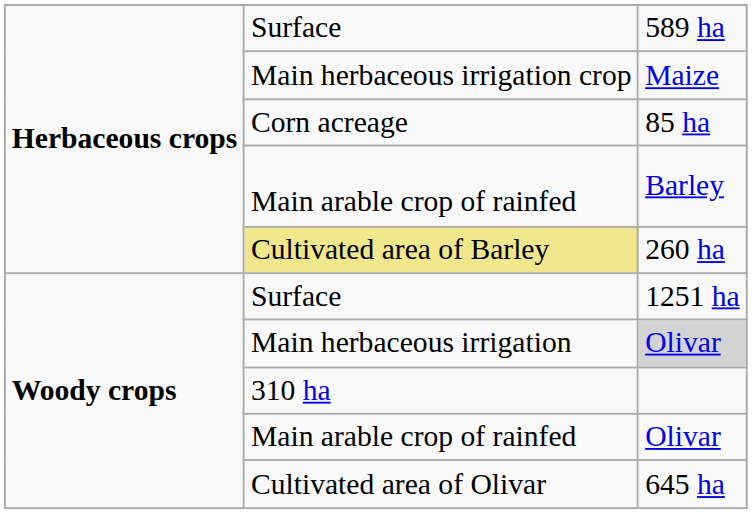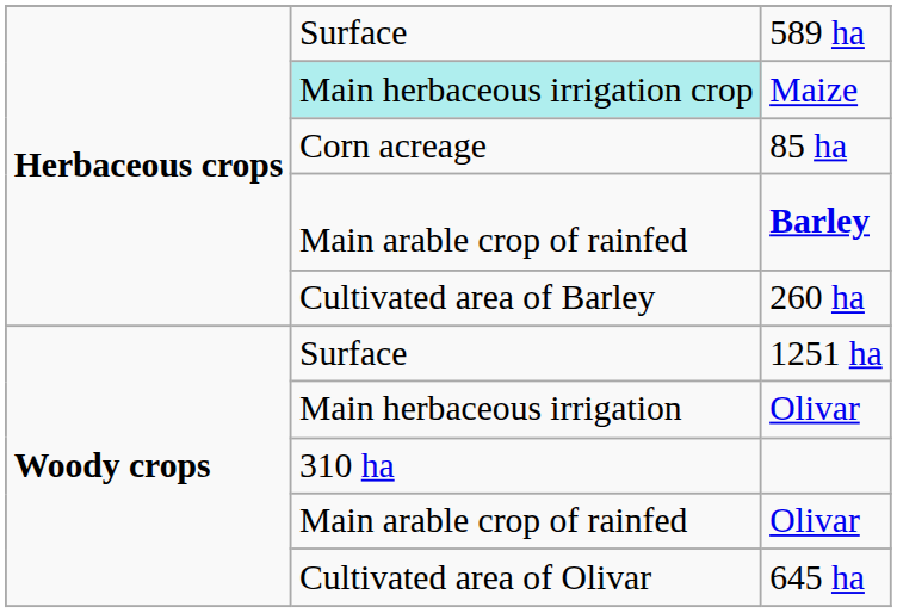 <table class="sortable wikitable" style="text-align:left" align=center>
 <tr>
 </tr>
 <tr>
 <td rowspan=5><strong>Herbaceous crops</strong></td>
 <td>Surface</td>
 <td>589 <a href='#'>ha</a></td>
 </tr>
 <tr>
-<td>Main herbaceous irrigation crop</td>
+<td style="background: paleturquoise;">Main herbaceous irrigation crop</td>
 <td><a href='#'>Maize</a></td>
 </tr>
 <tr>
 <td>Corn acreage</td>
 <td>85 <a href='#'>ha</a></td>
 </tr>
 <tr>
 <td><br>Main arable crop of rainfed</td>
-<td><a href='#'>Barley</a></td>
+<td><strong><a href='#'>Barley</a></strong></td>
 </tr>
 <tr>
-<td style="background: khaki;">Cultivated area of Barley</td>
+<td>Cultivated area of Barley</td>
 <td>260 <a href='#'>ha</a></td>
 </tr>
 <tr>
 <td rowspan=5><strong>Woody crops</strong></td>
 <td>Surface</td>
 <td>1251 <a href='#'>ha</a></td>
 </tr>
 <tr>
 <td>Main herbaceous irrigation</td>
-<td style="background: lightgrey;"><a href='#'>Olivar</a></td>
+<td><a href='#'>Olivar</a></td>
 </tr>
 <tr>
 <td Cultivated area of Olivar>310 <a href='#'>ha</a></td>
 </tr>
 <tr>
 <td>Main arable crop of rainfed</td>
 <td><a href='#'>Olivar</a></td>
 </tr>
 <tr>
 <td>Cultivated area of Olivar</td>
 <td>645 <a href='#'>ha</a></td>
 </tr>
 </table>
